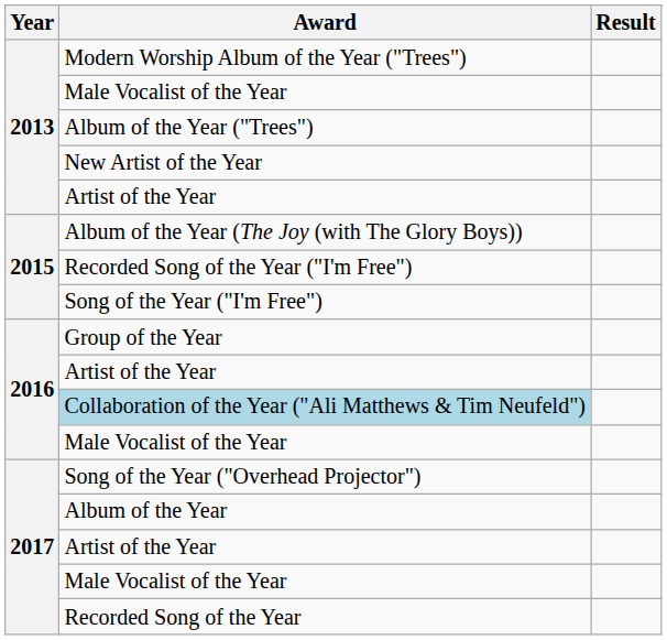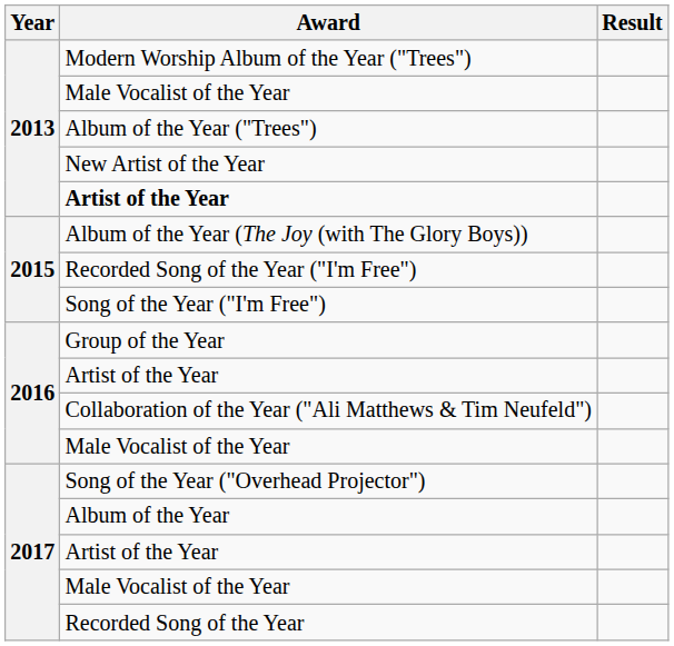 <table class="wikitable">
 <tr>
 <th>Year</th>
 <th>Award</th>
 <th>Result</th>
 </tr>
 <tr>
 <th rowspan="5">2013</th>
 <td>Modern Worship Album of the Year ("Trees")</td>
 <td></td>
 </tr>
 <tr>
 <td>Male Vocalist of the Year</td>
 <td></td>
 </tr>
 <tr>
 <td>Album of the Year ("Trees")</td>
 <td></td>
 </tr>
 <tr>
 <td>New Artist of the Year</td>
 <td></td>
 </tr>
 <tr>
-<td>Artist of the Year</td>
+<td><strong>Artist of the Year</strong></td>
 <td></td>
 </tr>
 <tr>
 <th rowspan="3">2015</th>
 <td>Album of the Year (<em>The Joy</em> (with The Glory Boys))</td>
 <td></td>
 </tr>
 <tr>
 <td>Recorded Song of the Year ("I'm Free")</td>
 <td></td>
 </tr>
 <tr>
 <td>Song of the Year ("I'm Free")</td>
 <td></td>
 </tr>
 <tr>
 <th rowspan="4">2016</th>
 <td>Group of the Year</td>
 <td></td>
 </tr>
 <tr>
 <td>Artist of the Year</td>
 <td></td>
 </tr>
 <tr>
-<td style="background: lightblue;">Collaboration of the Year ("Ali Matthews & Tim Neufeld")</td>
+<td>Collaboration of the Year ("Ali Matthews & Tim Neufeld")</td>
 <td></td>
 </tr>
 <tr>
 <td>Male Vocalist of the Year</td>
 <td></td>
 </tr>
 <tr>
 <th rowspan="5">2017</th>
 <td>Song of the Year ("Overhead Projector")</td>
 <td></td>
 </tr>
 <tr>
 <td>Album of the Year</td>
 <td></td>
 </tr>
 <tr>
 <td>Artist of the Year</td>
 <td></td>
 </tr>
 <tr>
 <td>Male Vocalist of the Year</td>
 <td></td>
 </tr>
 <tr>
 <td>Recorded Song of the Year</td>
 <td></td>
 </tr>
 </table>
